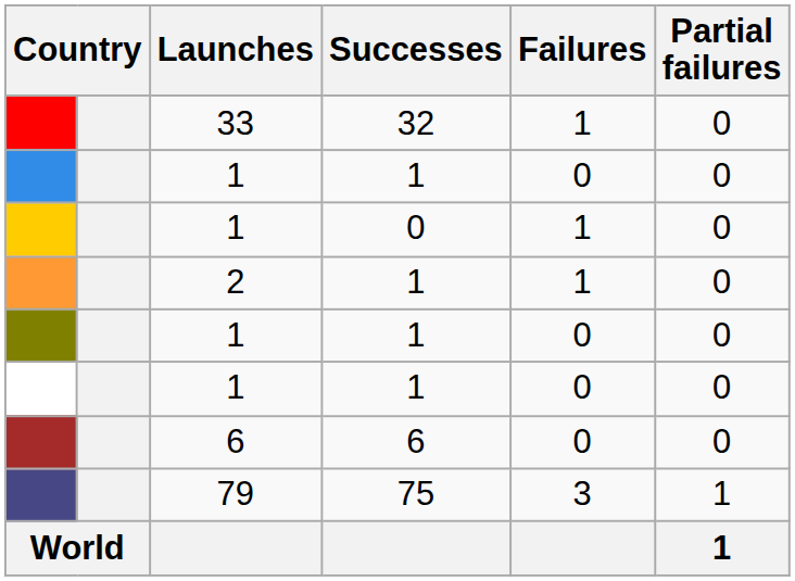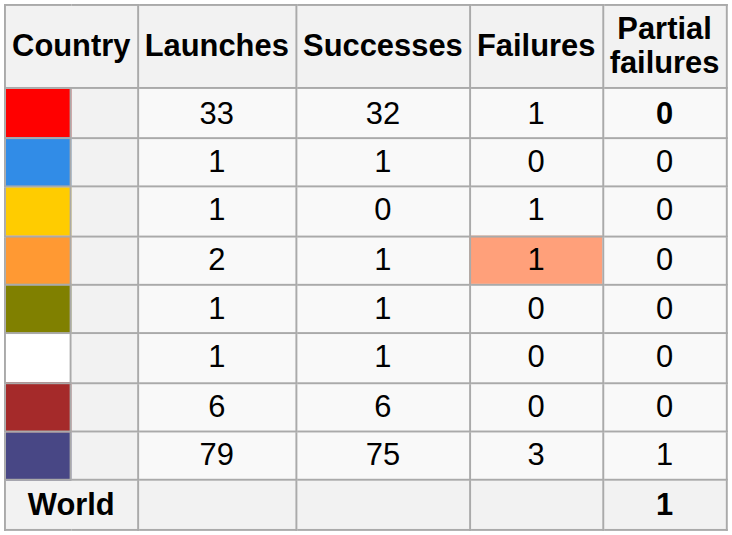 <table class="wikitable sortable" style="text-align:center;">
 <tr>
 <th colspan=2>Country</th>
 <th>Launches</th>
 <th>Successes</th>
 <th>Failures</th>
 <th>Partial <br> failures</th>
 </tr>
 <tr>
 <th style="background:#ff0000;"></th>
 <th style="text-align:left;"></th>
 <td>33</td>
 <td>32</td>
 <td>1</td>
-<td>0</td>
+<td><strong>0</strong></td>
 </tr>
 <tr>
 <th style="background:#318ce7;"></th>
 <th style="text-align:left;"></th>
 <td>1</td>
 <td>1</td>
 <td>0</td>
 <td>0</td>
 </tr>
 <tr>
 <th style="background:#ffcc00;"></th>
 <th style="text-align:left;"></th>
 <td>1</td>
 <td>0</td>
 <td>1</td>
 <td>0</td>
 </tr>
 <tr>
 <th style="background:#ff9933;"></th>
 <th style="text-align:left;"></th>
 <td>2</td>
 <td>1</td>
-<td>1</td>
+<td style="background: lightsalmon;">1</td>
 <td>0</td>
 </tr>
 <tr>
 <th style="background:#808000;"></th>
 <th style="text-align:left;"></th>
 <td>1</td>
 <td>1</td>
 <td>0</td>
 <td>0</td>
 </tr>
 <tr>
 <th style="background:#ffffff;"></th>
 <th style="text-align:left;"></th>
 <td>1</td>
 <td>1</td>
 <td>0</td>
 <td>0<br></td>
 </tr>
 <tr>
 <th style="background:#a52a2a;"></th>
 <th style="text-align:left;"></th>
 <td>6</td>
 <td>6</td>
 <td>0</td>
 <td>0</td>
 </tr>
 <tr>
 <th style="background:#484785;"></th>
 <th style="text-align:left;"></th>
 <td>79</td>
 <td>75</td>
 <td>3</td>
 <td>1</td>
 </tr>
 <tr class="sortbottom">
 <th colspan="2">World</th>
 <th></th>
 <th></th>
 <th></th>
 <th>1</th>
 </tr>
 </table>
